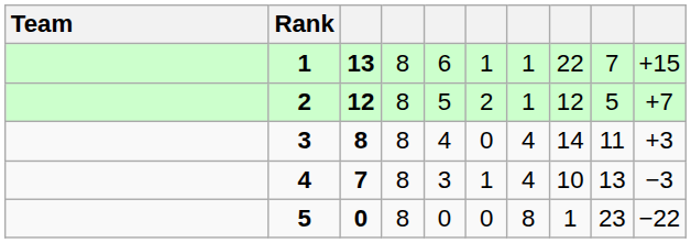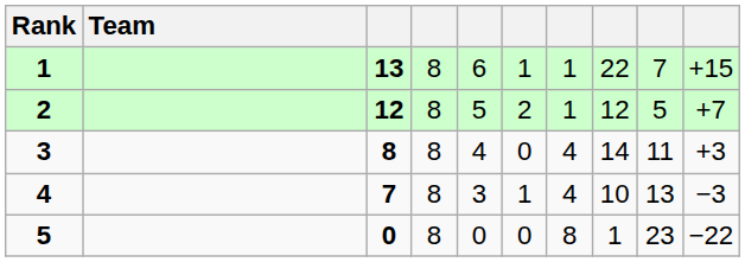 <table class="wikitable" style="text-align: center;">
 <tr>
+<th width=30>Rank</th>
 <th width=165 style="text-align:left;">Team</th>
-<th width=30>Rank</th>
 <th width=20></th>
 <th width=20></th>
 <th width=20></th>
 <th width=20></th>
 <th width=20></th>
 <th width=20></th>
 <th width=20></th>
 <th width=20></th>
 </tr>
 <tr style="background:#ccffcc;">
+<td><strong>1</strong></td>
 <td style="text-align:left;"></td>
-<td><strong>1</strong></td>
 <td><strong>13</strong></td>
 <td>8</td>
 <td>6</td>
 <td>1</td>
 <td>1</td>
 <td>22</td>
 <td>7</td>
 <td>+15</td>
 </tr>
 <tr style="background:#ccffcc;">
+<td><strong>2</strong></td>
 <td style="text-align:left;"></td>
-<td><strong>2</strong></td>
 <td><strong>12</strong></td>
 <td>8</td>
 <td>5</td>
 <td>2</td>
 <td>1</td>
 <td>12</td>
 <td>5</td>
 <td>+7</td>
 </tr>
 <tr>
+<td><strong>3</strong></td>
 <td style="text-align:left;"></td>
-<td><strong>3</strong></td>
 <td><strong>8</strong></td>
 <td>8</td>
 <td>4</td>
 <td>0</td>
 <td>4</td>
 <td>14</td>
 <td>11</td>
 <td>+3</td>
 </tr>
 <tr>
+<td><strong>4</strong></td>
 <td style="text-align:left;"></td>
-<td><strong>4</strong></td>
 <td><strong>7</strong></td>
 <td>8</td>
 <td>3</td>
 <td>1</td>
 <td>4</td>
 <td>10</td>
 <td>13</td>
 <td>−3</td>
 </tr>
 <tr>
+<td><strong>5</strong></td>
 <td style="text-align:left;"></td>
-<td><strong>5</strong></td>
 <td><strong>0</strong></td>
 <td>8</td>
 <td>0</td>
 <td>0</td>
 <td>8</td>
 <td>1</td>
 <td>23</td>
 <td>−22</td>
 </tr>
 </table>
